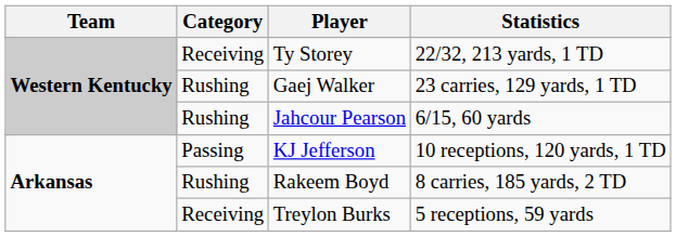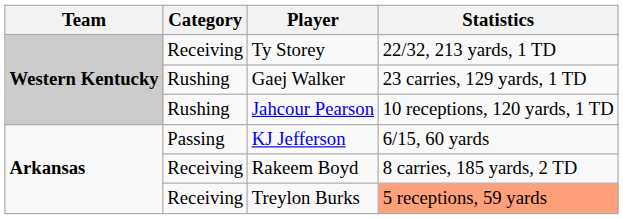 <table class="wikitable" style="float: right;">
 <tr>
 <th>Team</th>
 <th>Category</th>
 <th>Player</th>
 <th>Statistics</th>
 </tr>
 <tr>
 <td rowspan=3 style="background:#cccccc; color:#"><strong>Western Kentucky</strong></td>
 <td>Receiving</td>
 <td>Ty Storey</td>
 <td>22/32, 213 yards, 1 TD</td>
 </tr>
 <tr>
 <td>Rushing</td>
 <td>Gaej Walker</td>
 <td>23 carries, 129 yards, 1 TD</td>
 </tr>
 <tr>
 <td>Rushing</td>
 <td><a href='#'>Jahcour Pearson</a></td>
-<td>6/15, 60 yards</td>
+<td>10 receptions, 120 yards, 1 TD</td>
 </tr>
 <tr>
 <td rowspan=3><strong>Arkansas</strong></td>
 <td>Passing</td>
 <td><a href='#'>KJ Jefferson</a></td>
-<td>10 receptions, 120 yards, 1 TD</td>
+<td>6/15, 60 yards</td>
 </tr>
 <tr>
-<td>Rushing</td>
+<td>Receiving</td>
 <td>Rakeem Boyd</td>
 <td>8 carries, 185 yards, 2 TD</td>
 </tr>
 <tr>
 <td>Receiving</td>
 <td>Treylon Burks</td>
-<td>5 receptions, 59 yards</td>
+<td style="background: lightsalmon;">5 receptions, 59 yards</td>
 </tr>
 </table>
